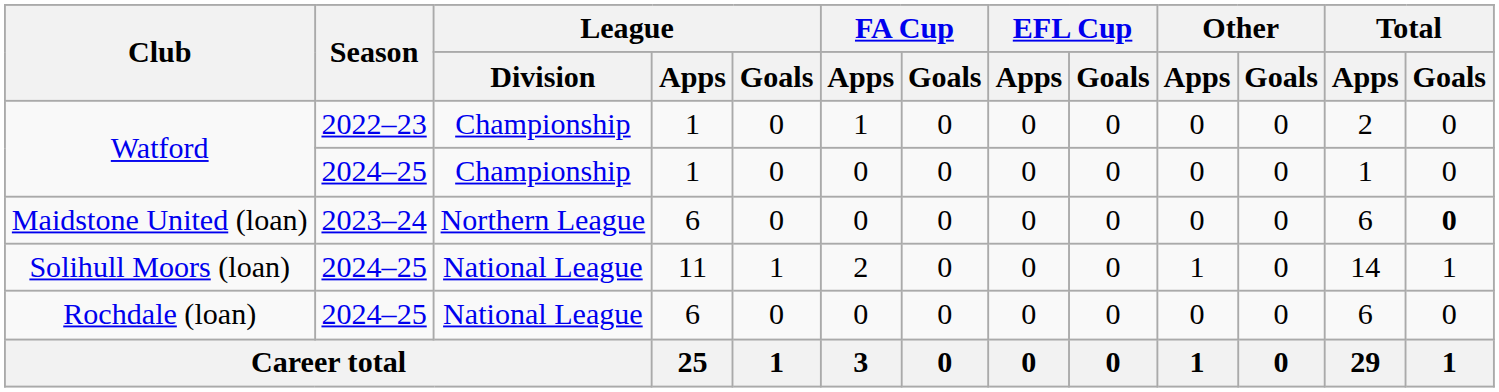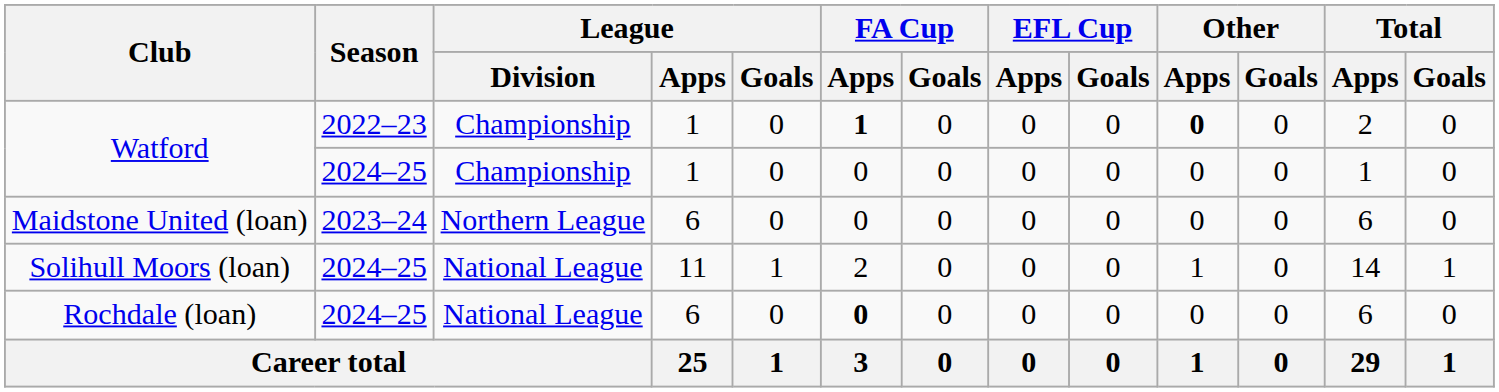 <table class=wikitable style=text-align:center>
 <tr>
 <th rowspan=2>Club</th>
 <th rowspan=2>Season</th>
 <th colspan=3>League</th>
 <th colspan=2><a href='#'>FA Cup</a></th>
 <th colspan=2><a href='#'>EFL Cup</a></th>
 <th colspan=2>Other</th>
 <th colspan=2>Total</th>
 </tr>
 <tr>
 <th>Division</th>
 <th>Apps</th>
 <th>Goals</th>
 <th>Apps</th>
 <th>Goals</th>
 <th>Apps</th>
 <th>Goals</th>
 <th>Apps</th>
 <th>Goals</th>
 <th>Apps</th>
 <th>Goals</th>
 </tr>
 <tr>
 <td rowspan="2"><a href='#'>Watford</a></td>
 <td><a href='#'>2022–23</a></td>
 <td><a href='#'>Championship</a></td>
 <td>1</td>
 <td>0</td>
-<td>1</td>
+<td><strong>1</strong></td>
 <td>0</td>
 <td>0</td>
 <td>0</td>
-<td>0</td>
+<td><strong>0</strong></td>
 <td>0</td>
 <td>2</td>
 <td>0</td>
 </tr>
 <tr>
 <td><a href='#'>2024–25</a></td>
 <td><a href='#'>Championship</a></td>
 <td>1</td>
 <td>0</td>
 <td>0</td>
 <td>0</td>
 <td>0</td>
 <td>0</td>
 <td>0</td>
 <td>0</td>
 <td>1</td>
 <td>0</td>
 </tr>
 <tr>
 <td><a href='#'>Maidstone United</a> (loan)</td>
 <td><a href='#'>2023–24</a></td>
 <td><a href='#'>Northern League</a></td>
 <td>6</td>
 <td>0</td>
 <td>0</td>
 <td>0</td>
 <td>0</td>
 <td>0</td>
 <td>0</td>
 <td>0</td>
 <td>6</td>
-<td><strong>0</strong></td>
+<td>0</td>
 </tr>
 <tr>
 <td><a href='#'>Solihull Moors</a> (loan)</td>
 <td><a href='#'>2024–25</a></td>
 <td><a href='#'>National League</a></td>
 <td>11</td>
 <td>1</td>
 <td>2</td>
 <td>0</td>
 <td>0</td>
 <td>0</td>
 <td>1</td>
 <td>0</td>
 <td>14</td>
 <td>1</td>
 </tr>
 <tr>
 <td><a href='#'>Rochdale</a> (loan)</td>
 <td><a href='#'>2024–25</a></td>
 <td><a href='#'>National League</a></td>
 <td>6</td>
 <td>0</td>
-<td>0</td>
+<td><strong>0</strong></td>
 <td>0</td>
 <td>0</td>
 <td>0</td>
 <td>0</td>
 <td>0</td>
 <td>6</td>
 <td>0</td>
 </tr>
 <tr>
 <th colspan="3">Career total</th>
 <th>25</th>
 <th>1</th>
 <th>3</th>
 <th>0</th>
 <th>0</th>
 <th>0</th>
 <th>1</th>
 <th>0</th>
 <th>29</th>
 <th>1</th>
 </tr>
 </table>
